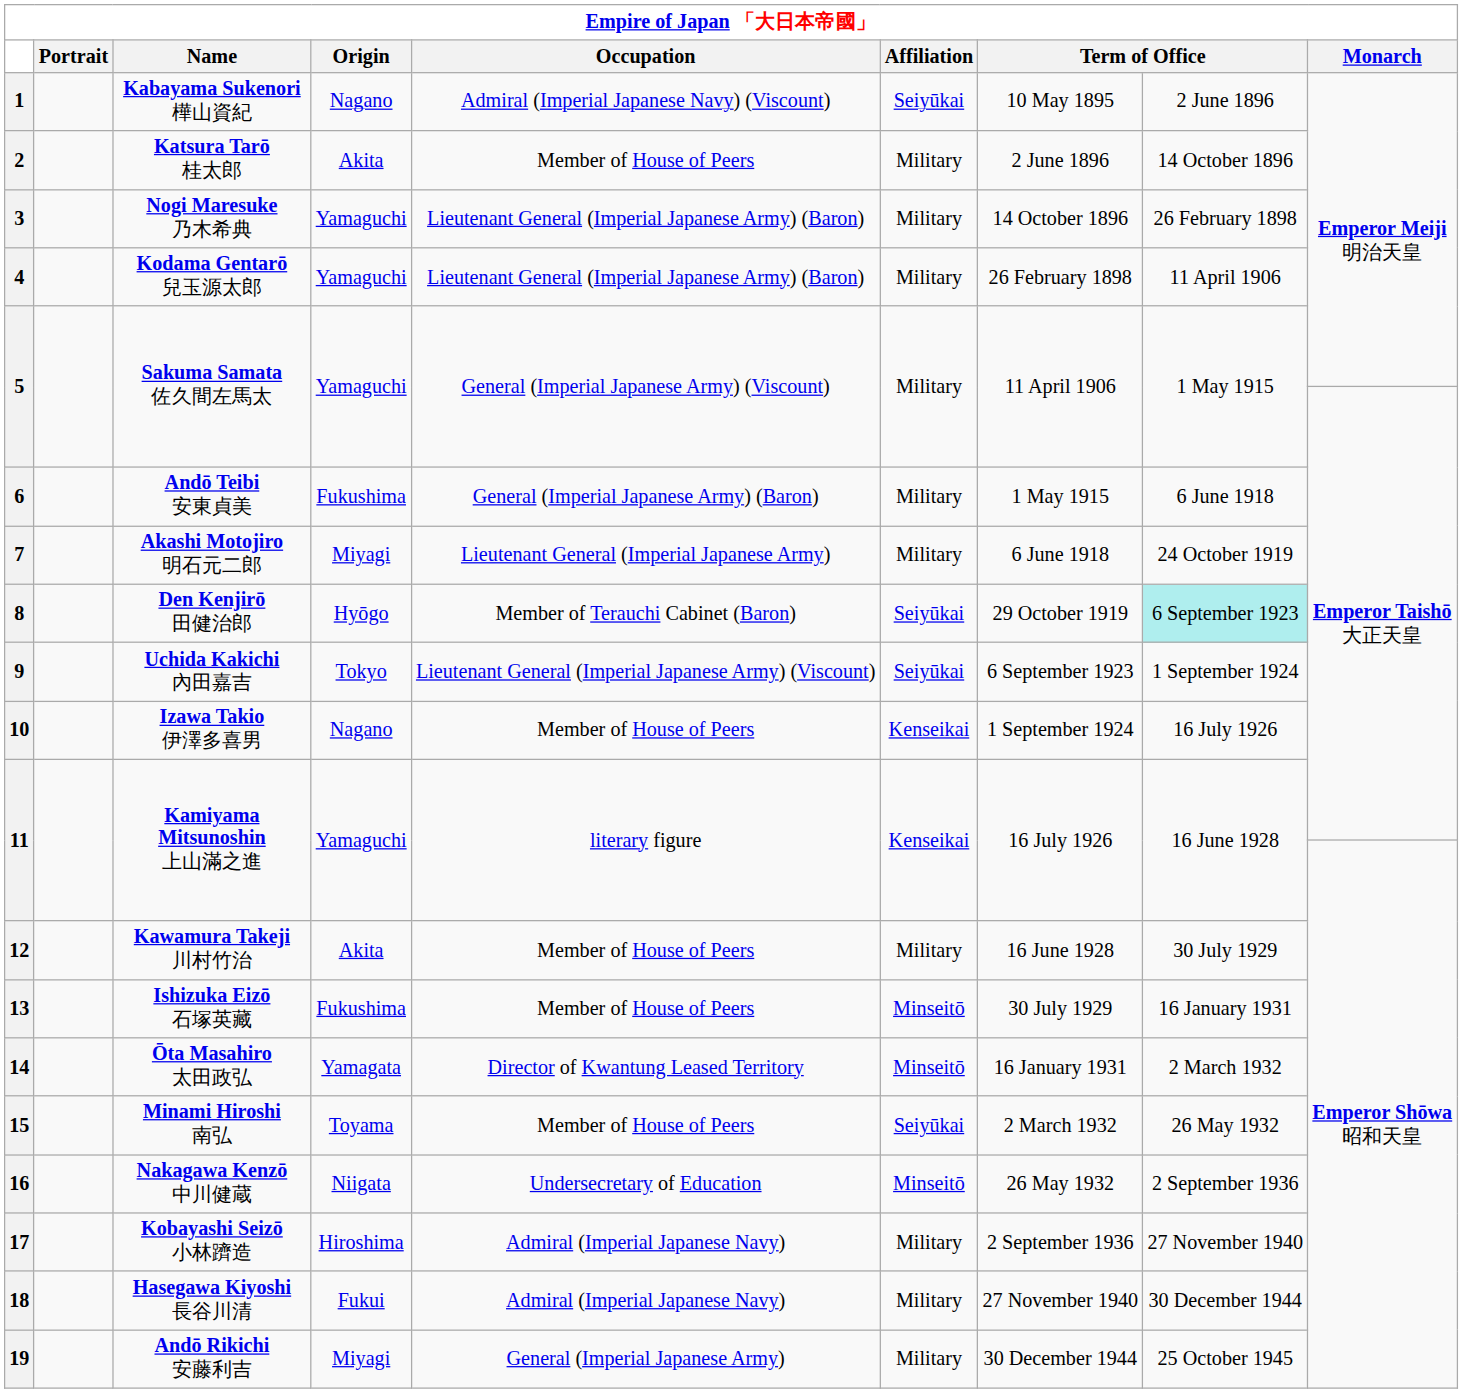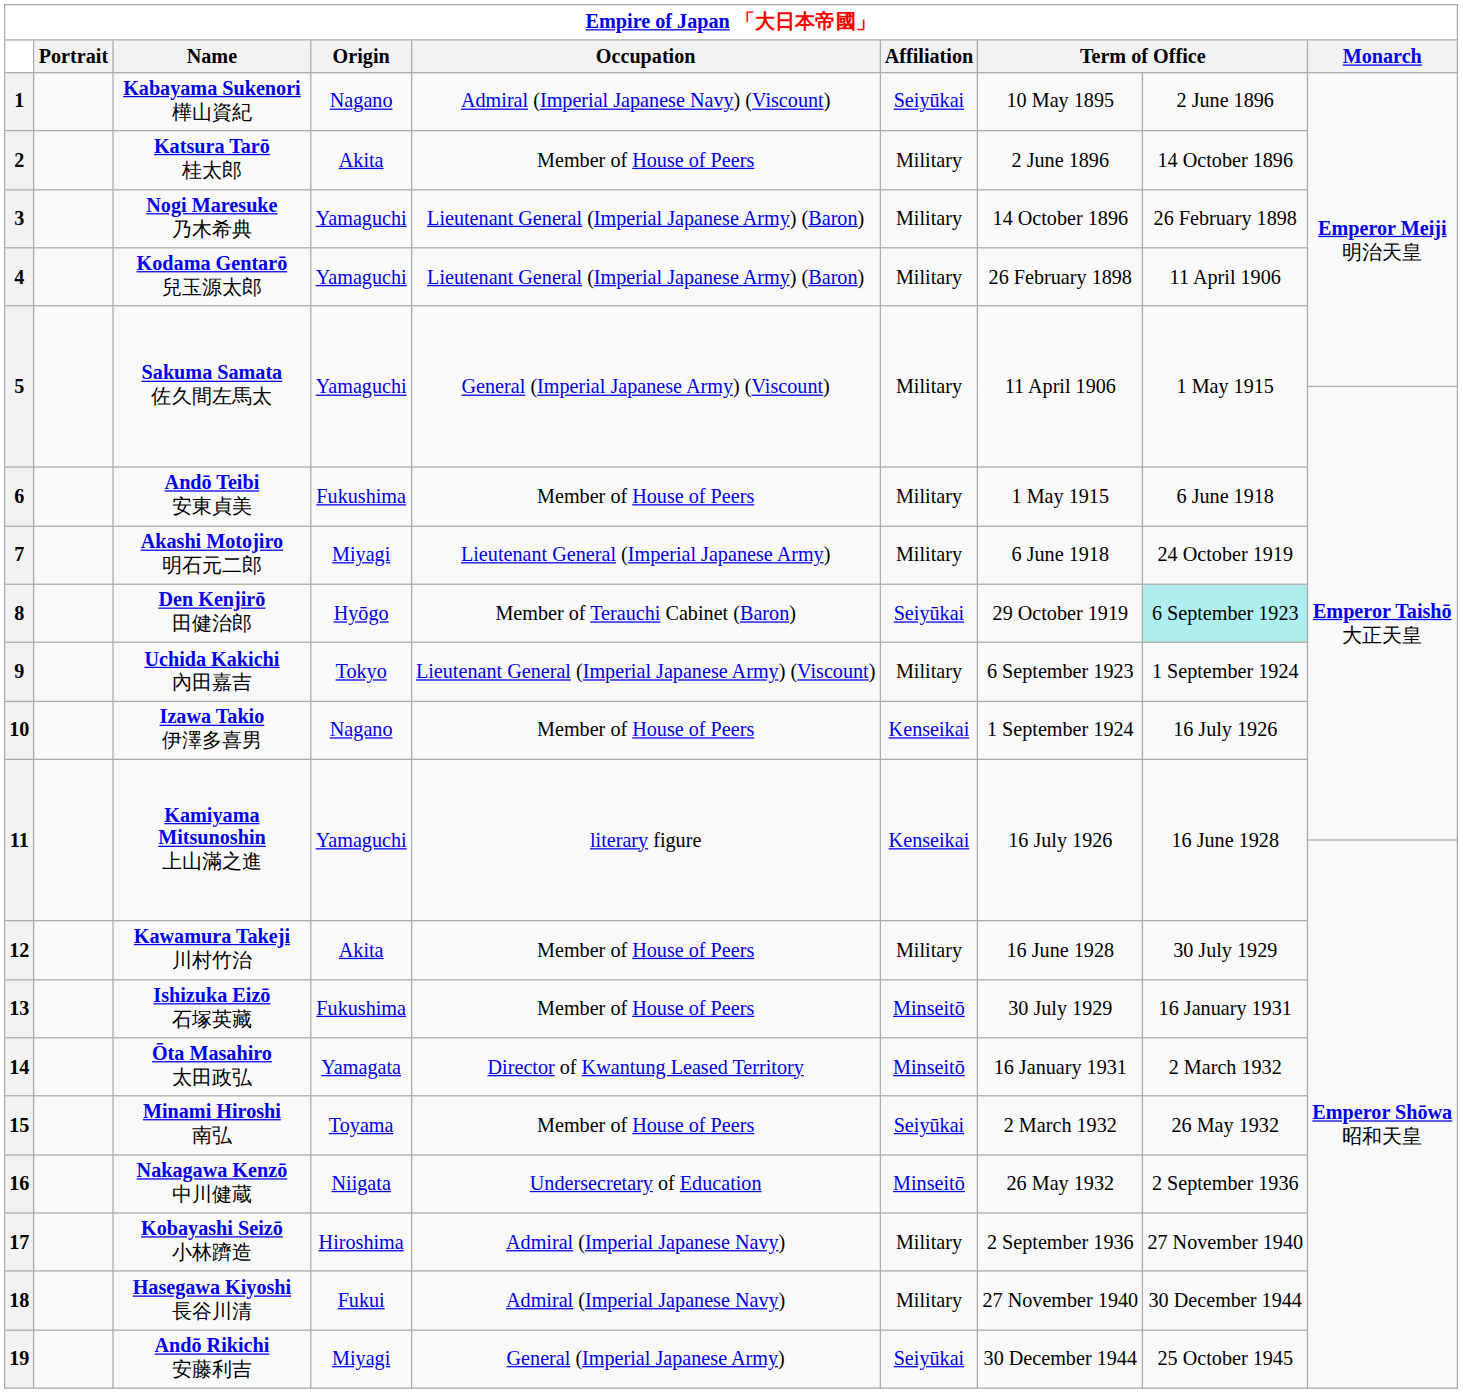 <table class=wikitable style="text-align: center">
 <tr>
 <th align=center style="background:white; color:red;" colspan="9"> <a href='#'><span>Empire of Japan</span></a> 「大日本帝國」</th>
 </tr>
 <tr>
 <th align=center style="background:white; color:red;"></th>
 <th>Portrait</th>
 <th width="150">Name</th>
 <th>Origin</th>
 <th>Occupation</th>
 <th>Affiliation</th>
 <th colspan=2 width="180">Term of Office</th>
 <th><a href='#'>Monarch</a><br></th>
 </tr>
 <tr>
 <th style="background:">1</th>
 <td></td>
 <td align=center><strong><a href='#'>Kabayama Sukenori</a></strong><br><span>樺山資紀</span></td>
 <td><a href='#'>Nagano</a></td>
 <td><a href='#'>Admiral</a> (<a href='#'>Imperial Japanese Navy</a>) (<a href='#'>Viscount</a>)</td>
 <td><a href='#'>Seiyūkai</a></td>
 <td>10 May 1895</td>
 <td>2 June 1896</td>
 <td rowspan="5"><br><strong><a href='#'>Emperor Meiji</a></strong><br>明治天皇<br></td>
 </tr>
 <tr>
 <th style="background:">2</th>
 <td></td>
 <td align=center><strong><a href='#'>Katsura Tarō</a></strong><br><span>桂太郎</span></td>
 <td><a href='#'>Akita</a></td>
 <td>Member of <a href='#'>House of Peers</a></td>
 <td>Military</td>
 <td>2 June 1896</td>
 <td>14 October 1896</td>
 </tr>
 <tr>
 <th style="background:">3</th>
 <td></td>
 <td align=center><strong><a href='#'>Nogi Maresuke</a></strong><br><span>乃木希典</span></td>
 <td><a href='#'>Yamaguchi</a></td>
 <td><a href='#'>Lieutenant General</a> (<a href='#'>Imperial Japanese Army</a>) (<a href='#'>Baron</a>)</td>
 <td>Military</td>
 <td>14 October 1896</td>
 <td>26 February 1898</td>
 </tr>
 <tr>
 <th style="background:">4</th>
 <td></td>
 <td align=center><strong><a href='#'>Kodama Gentarō</a></strong><br><span>兒玉源太郎</span></td>
 <td><a href='#'>Yamaguchi</a></td>
 <td><a href='#'>Lieutenant General</a> (<a href='#'>Imperial Japanese Army</a>) (<a href='#'>Baron</a>)</td>
 <td>Military</td>
 <td>26 February 1898</td>
 <td>11 April 1906</td>
 </tr>
 <tr style="height:64px;">
 <th rowspan="2" style="background:">5</th>
 <td rowspan="2"></td>
 <td rowspan="2" align="center"><strong><a href='#'>Sakuma Samata</a></strong><br><span>佐久間左馬太</span></td>
 <td rowspan="2"><a href='#'>Yamaguchi</a></td>
 <td rowspan="2"><a href='#'>General</a> (<a href='#'>Imperial Japanese Army</a>) (<a href='#'>Viscount</a>)</td>
 <td rowspan="2">Military</td>
 <td rowspan="2">11 April 1906</td>
 <td rowspan="2">1 May 1915</td>
 </tr>
 <tr style="height:64px;">
 <td rowspan="7"><br><strong><a href='#'>Emperor Taishō</a></strong><br>大正天皇<br></td>
 </tr>
 <tr>
 <th style="background:">6</th>
 <td></td>
 <td align=center><strong><a href='#'>Andō Teibi</a></strong><br><span>安東貞美</span></td>
 <td><a href='#'>Fukushima</a></td>
-<td><a href='#'>General</a> (<a href='#'>Imperial Japanese Army</a>) (<a href='#'>Baron</a>)</td>
+<td>Member of <a href='#'>House of Peers</a></td>
 <td>Military</td>
 <td>1 May 1915</td>
 <td>6 June 1918</td>
 </tr>
 <tr>
 <th style="background:">7</th>
 <td></td>
 <td align=center><strong><a href='#'>Akashi Motojiro</a></strong><br><span>明石元二郎</span></td>
 <td><a href='#'>Miyagi</a></td>
 <td><a href='#'>Lieutenant General</a> (<a href='#'>Imperial Japanese Army</a>)</td>
 <td>Military</td>
 <td>6 June 1918</td>
 <td>24 October 1919</td>
 </tr>
 <tr>
 <th style="background:">8</th>
 <td></td>
 <td align=center><strong><a href='#'>Den Kenjirō</a></strong><br><span>田健治郎</span></td>
 <td><a href='#'>Hyōgo</a></td>
 <td>Member of <a href='#'>Terauchi</a> Cabinet (<a href='#'>Baron</a>)</td>
 <td><a href='#'>Seiyūkai</a></td>
 <td>29 October 1919</td>
 <td style="background: paleturquoise;">6 September 1923</td>
 </tr>
 <tr>
 <th style="background:">9</th>
 <td></td>
 <td align=center><strong><a href='#'>Uchida Kakichi</a></strong><br><span>內田嘉吉</span></td>
 <td><a href='#'>Tokyo</a></td>
 <td><a href='#'>Lieutenant General</a> (<a href='#'>Imperial Japanese Army</a>) (<a href='#'>Viscount</a>)</td>
-<td><a href='#'>Seiyūkai</a></td>
+<td>Military</td>
 <td>6 September 1923</td>
 <td>1 September 1924</td>
 </tr>
 <tr>
 <th style="background:">10</th>
 <td></td>
 <td align=center><strong><a href='#'>Izawa Takio</a></strong><br><span>伊澤多喜男</span></td>
 <td><a href='#'>Nagano</a></td>
 <td>Member of <a href='#'>House of Peers</a></td>
 <td><a href='#'>Kenseikai</a></td>
 <td>1 September 1924</td>
 <td>16 July 1926</td>
 </tr>
 <tr style="height:64px;">
 <th rowspan=2 style="background:">11</th>
 <td rowspan=2></td>
 <td rowspan=2 align=center><strong><a href='#'>Kamiyama Mitsunoshin</a></strong><br><span>上山滿之進</span></td>
 <td rowspan=2><a href='#'>Yamaguchi</a></td>
 <td rowspan=2><a href='#'>literary</a> figure</td>
 <td rowspan=2><a href='#'>Kenseikai</a></td>
 <td rowspan=2>16 July 1926</td>
 <td rowspan=2>16 June 1928</td>
 </tr>
 <tr style="height:64px;">
 <td rowspan="9"><br><strong><a href='#'>Emperor Shōwa</a></strong><br>昭和天皇<br></td>
 </tr>
 <tr>
 <th style="background:">12</th>
 <td></td>
 <td align=center><strong><a href='#'>Kawamura Takeji</a></strong><br><span>川村竹治</span></td>
 <td><a href='#'>Akita</a></td>
 <td>Member of <a href='#'>House of Peers</a></td>
 <td>Military</td>
 <td>16 June 1928</td>
 <td>30 July 1929</td>
 </tr>
 <tr>
 <th style="background:">13</th>
 <td></td>
 <td align=center><strong><a href='#'>Ishizuka Eizō</a></strong><br><span>石塚英藏</span></td>
 <td><a href='#'>Fukushima</a></td>
 <td>Member of <a href='#'>House of Peers</a></td>
 <td><a href='#'>Minseitō</a></td>
 <td>30 July 1929</td>
 <td>16 January 1931</td>
 </tr>
 <tr>
 <th style="background:">14</th>
 <td></td>
 <td align=center><strong><a href='#'>Ōta Masahiro</a></strong><br><span>太田政弘</span></td>
 <td><a href='#'>Yamagata</a></td>
 <td><a href='#'>Director</a> of <a href='#'>Kwantung Leased Territory</a></td>
 <td><a href='#'>Minseitō</a></td>
 <td>16 January 1931</td>
 <td>2 March 1932</td>
 </tr>
 <tr>
 <th style="background:">15</th>
 <td></td>
 <td align=center><strong><a href='#'>Minami Hiroshi</a></strong><br><span>南弘</span></td>
 <td><a href='#'>Toyama</a></td>
 <td>Member of <a href='#'>House of Peers</a></td>
 <td><a href='#'>Seiyūkai</a></td>
 <td>2 March 1932</td>
 <td>26 May 1932</td>
 </tr>
 <tr>
 <th style="background:">16</th>
 <td></td>
 <td align=center><strong><a href='#'>Nakagawa Kenzō</a></strong><br><span>中川健蔵</span></td>
 <td><a href='#'>Niigata</a></td>
 <td><a href='#'>Undersecretary</a> of <a href='#'>Education</a></td>
 <td><a href='#'>Minseitō</a></td>
 <td>26 May 1932</td>
 <td>2 September 1936</td>
 </tr>
 <tr>
 <th style="background:">17</th>
 <td></td>
 <td align=center><strong><a href='#'>Kobayashi Seizō</a></strong><br><span>小林躋造</span></td>
 <td><a href='#'>Hiroshima</a></td>
 <td><a href='#'>Admiral</a> (<a href='#'>Imperial Japanese Navy</a>)</td>
 <td>Military</td>
 <td>2 September 1936</td>
 <td>27 November 1940</td>
 </tr>
 <tr>
 <th style="background:">18</th>
 <td></td>
 <td align=center><strong><a href='#'>Hasegawa Kiyoshi</a></strong><br><span>長谷川清</span></td>
 <td><a href='#'>Fukui</a></td>
 <td><a href='#'>Admiral</a> (<a href='#'>Imperial Japanese Navy</a>)</td>
 <td>Military</td>
 <td>27 November 1940</td>
 <td>30 December 1944</td>
 </tr>
 <tr>
 <th style="background:">19</th>
 <td></td>
 <td align=center><strong><a href='#'>Andō Rikichi</a></strong><br><span>安藤利吉</span></td>
 <td><a href='#'>Miyagi</a></td>
 <td><a href='#'>General</a> (<a href='#'>Imperial Japanese Army</a>)</td>
-<td>Military</td>
+<td><a href='#'>Seiyūkai</a></td>
 <td>30 December 1944</td>
 <td>25 October 1945</td>
 </tr>
 </table>
